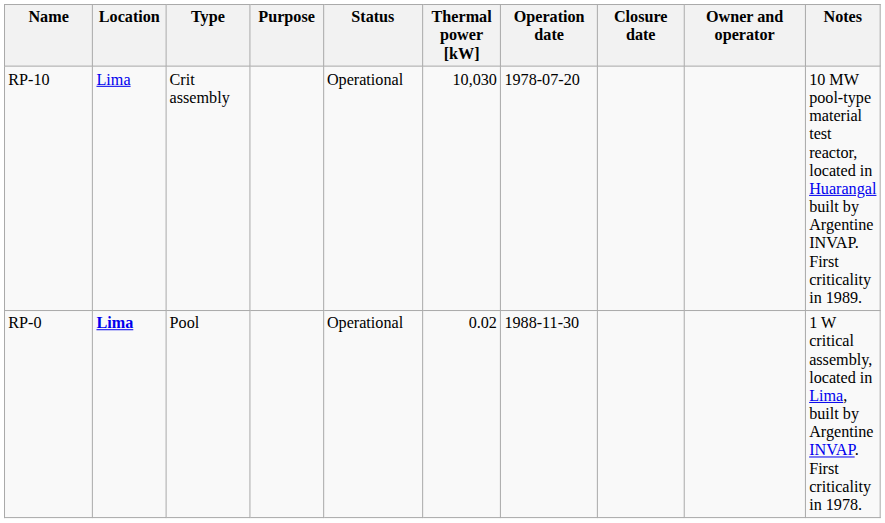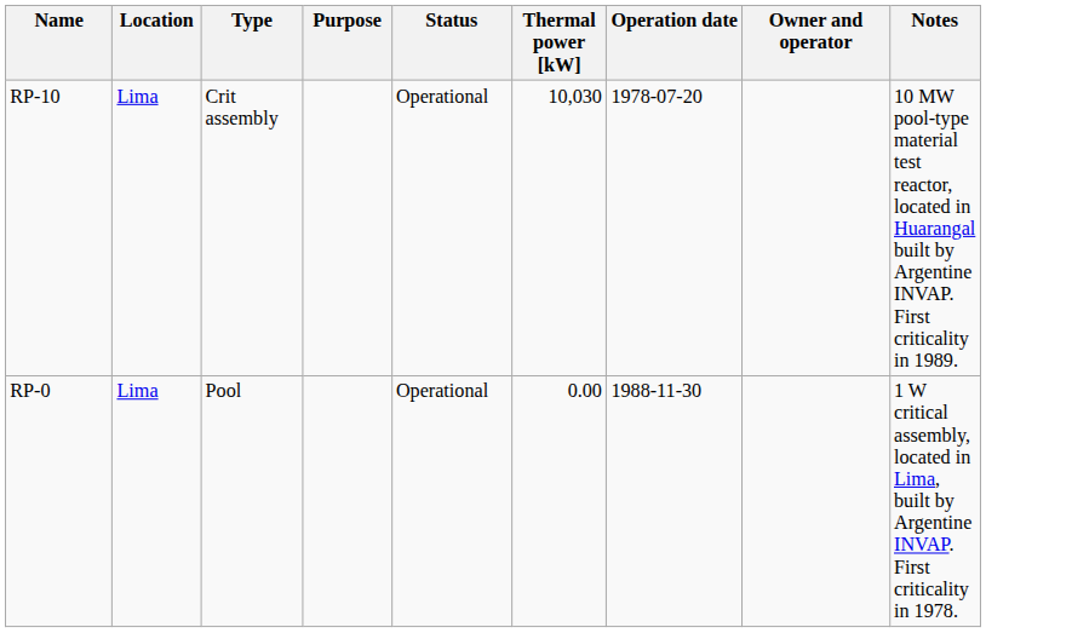 <table class="wikitable" >
 <tr valign="top">
 <th width="80">Name</th>
 <th width="65">Location</th>
 <th width="76">Type</th>
 <th width="65">Purpose</th>
 <th width="91">Status</th>
 <th width="70“">Thermal power [kW]</th>
 <th width=„67“>Operation date</th>
-<th width="78“">Closure date</th>
 <th width="113“">Owner and operator</th>
 <th width="65">Notes</th>
 </tr>
 <tr valign="top">
 <td>RP-10</td>
 <td><a href='#'>Lima</a></td>
 <td>Crit assembly</td>
 <td></td>
 <td>Operational</td>
 <td align="right">10,030</td>
 <td>1978-07-20</td>
 <td></td>
-<td></td>
 <td>10 MW pool-type material test reactor, located in <a href='#'>Huarangal</a> built by Argentine INVAP. First criticality in 1989.</td>
 </tr>
 <tr valign="top">
 <td>RP-0</td>
-<td><strong><a href='#'>Lima</a></strong></td>
+<td><a href='#'>Lima</a></td>
 <td>Pool</td>
 <td></td>
 <td>Operational</td>
-<td align="right">0.02</td>
+<td align="right">0.00</td>
 <td>1988-11-30</td>
-<td></td>
 <td></td>
 <td>1 W critical assembly, located in <a href='#'>Lima</a>, built by Argentine <a href='#'>INVAP</a>. First criticality in 1978.</td>
 </tr>
 </table>
